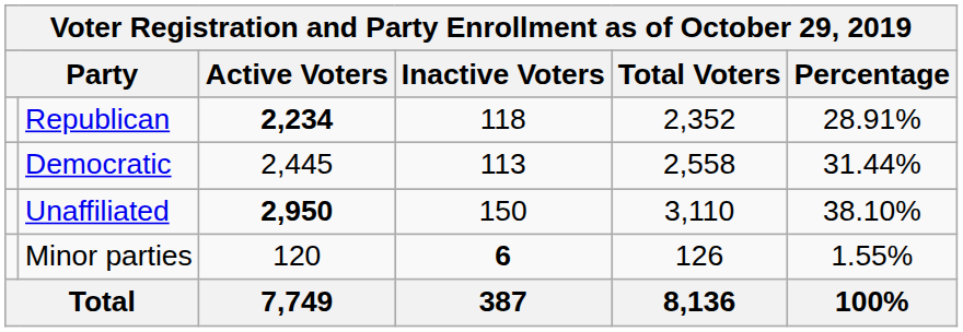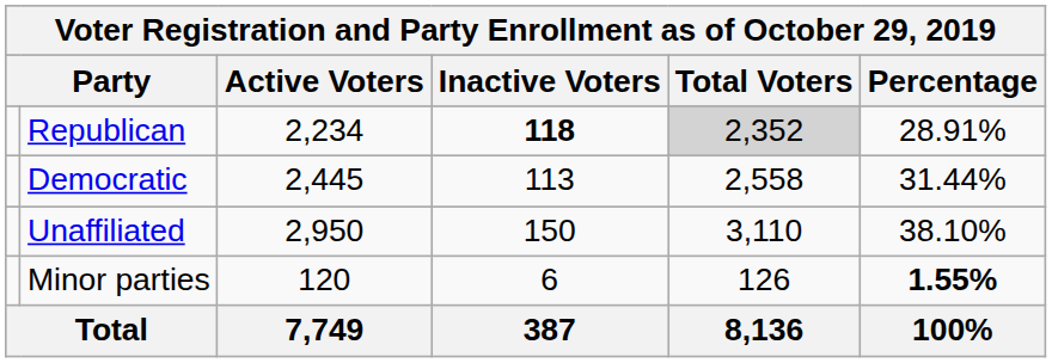 <table class=wikitable>
 <tr>
 <th colspan = 6>Voter Registration and Party Enrollment as of October 29, 2019</th>
 </tr>
 <tr>
 <th colspan = 2>Party</th>
 <th>Active Voters</th>
 <th>Inactive Voters</th>
 <th>Total Voters</th>
 <th>Percentage</th>
 </tr>
 <tr>
 <td></td>
 <td><a href='#'>Republican</a></td>
-<td align = center><strong>2,234</strong></td>
-<td align = center>118</td>
-<td align = center>2,352</td>
+<td align = center>2,234</td>
+<td align = center><strong>118</strong></td>
+<td align = center style="background: lightgrey;">2,352</td>
 <td align = center>28.91%</td>
 </tr>
 <tr>
 <td></td>
 <td><a href='#'>Democratic</a></td>
 <td align = center>2,445</td>
 <td align = center>113</td>
 <td align = center>2,558</td>
 <td align = center>31.44%</td>
 </tr>
 <tr>
 <td></td>
 <td><a href='#'>Unaffiliated</a></td>
-<td align = center><strong>2,950</strong></td>
+<td align = center>2,950</td>
 <td align = center>150</td>
 <td align = center>3,110</td>
 <td align = center>38.10%</td>
 </tr>
 <tr>
 <td></td>
 <td>Minor parties</td>
 <td align = center>120</td>
-<td align = center><strong>6</strong></td>
+<td align = center>6</td>
 <td align = center>126</td>
-<td align = center>1.55%</td>
+<td align = center><strong>1.55%</strong></td>
 </tr>
 <tr>
 <th colspan = 2>Total</th>
 <th align = center>7,749</th>
 <th align = center>387</th>
 <th align = center>8,136</th>
 <th align = center>100%</th>
 </tr>
 </table>
